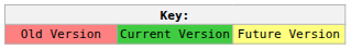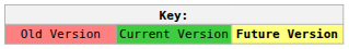 <table class="wikitable">
 <tr>
 <th colspan="3">Key:</th>
 </tr>
 <tr style="text-align:center;">
 <td style="width:33%; white-space:nowrap; background:#ff8080; ">Old Version</td>
 <td style="width:34%; white-space:nowrap; background:#40cc40; ">Current Version</td>
-<td style="width:33%; white-space:nowrap; background:#ffff80; ">Future Version</td>
+<td style="width:33%; white-space:nowrap; background:#ffff80; "><strong>Future Version</strong></td>
 </tr>
 </table>
